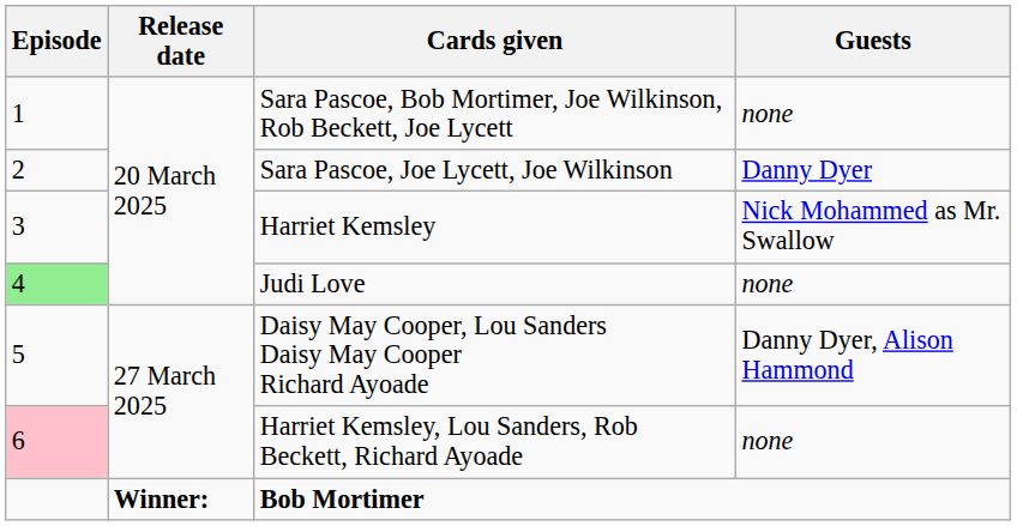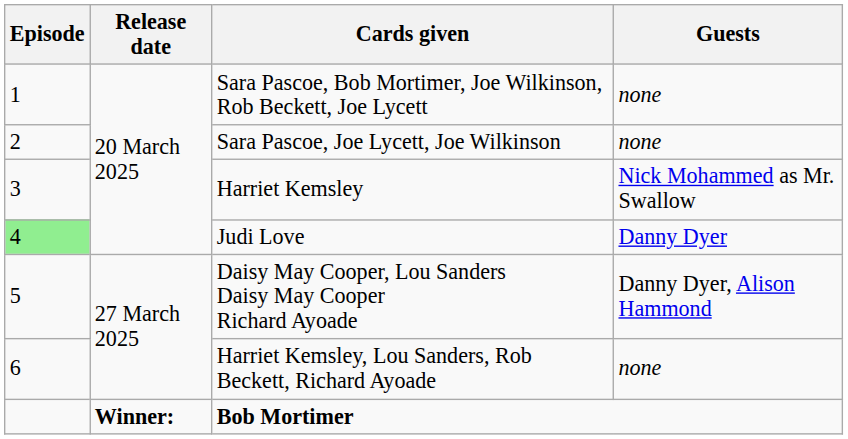 <table class="wikitable" cellpadding="3">
 <tr>
 <th>Episode</th>
 <th>Release date</th>
 <th>Cards given</th>
 <th>Guests</th>
 </tr>
 <tr>
 <td>1</td>
 <td rowspan=4>20 March 2025</td>
 <td> Sara Pascoe, Bob Mortimer, Joe Wilkinson, Rob Beckett, Joe Lycett</td>
 <td><em>none</em></td>
 </tr>
 <tr>
 <td>2</td>
 <td> Sara Pascoe, Joe Lycett, Joe Wilkinson</td>
-<td><a href='#'>Danny Dyer</a></td>
+<td><em>none</em></td>
 </tr>
 <tr>
 <td>3</td>
 <td> Harriet Kemsley</td>
 <td><a href='#'>Nick Mohammed</a> as Mr. Swallow</td>
 </tr>
 <tr>
 <td style="background: lightgreen;">4</td>
 <td> Judi Love</td>
-<td><em>none</em></td>
+<td><a href='#'>Danny Dyer</a></td>
 </tr>
 <tr>
 <td>5</td>
 <td rowspan=2>27 March 2025</td>
 <td> Daisy May Cooper, Lou Sanders<br> Daisy May Cooper<br> Richard Ayoade</td>
 <td>Danny Dyer, <a href='#'>Alison Hammond</a></td>
 </tr>
 <tr>
-<td style="background: pink;">6</td>
+<td>6</td>
 <td> Harriet Kemsley, Lou Sanders, Rob Beckett, Richard Ayoade</td>
 <td><em>none</em></td>
 </tr>
 <tr>
 <td></td>
 <td><strong>Winner:</strong></td>
 <td colspan=2><strong>Bob Mortimer</strong></td>
 </tr>
 </table>
